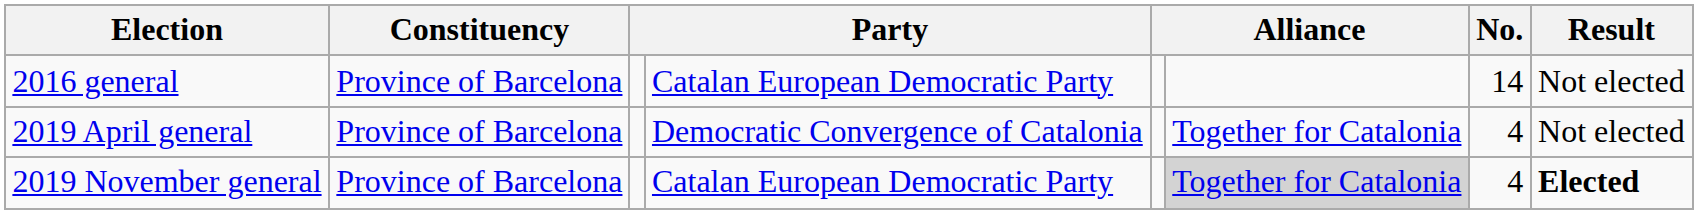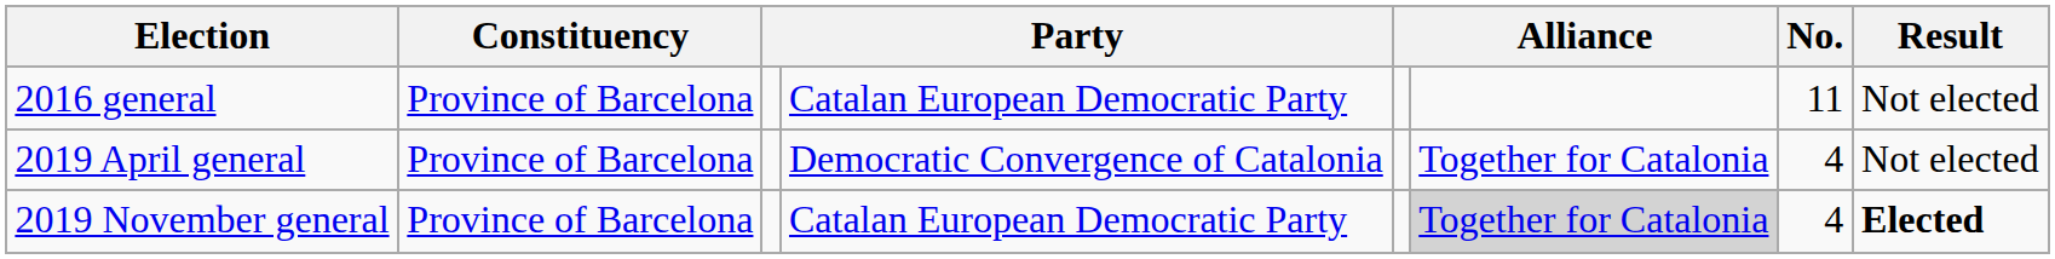 <table class="wikitable" style="text-align:left;">
 <tr>
 <th scope=col>Election</th>
 <th scope=col>Constituency</th>
 <th scope=col colspan="2">Party</th>
 <th scope=col colspan="2">Alliance</th>
 <th scope=col>No.</th>
 <th scope=col>Result</th>
 </tr>
 <tr>
 <td><a href='#'>2016 general</a></td>
 <td><a href='#'>Province of Barcelona</a></td>
 <td style="background:"></td>
 <td><a href='#'>Catalan European Democratic Party</a></td>
 <td></td>
 <td></td>
-<td align=right>14</td>
+<td align=right>11</td>
 <td>Not elected</td>
 </tr>
 <tr>
 <td><a href='#'>2019 April general</a></td>
 <td><a href='#'>Province of Barcelona</a></td>
 <td style="background:"></td>
 <td><a href='#'>Democratic Convergence of Catalonia</a></td>
 <td style="background:"></td>
 <td><a href='#'>Together for Catalonia</a></td>
 <td align=right>4</td>
 <td>Not elected</td>
 </tr>
 <tr>
 <td><a href='#'>2019 November general</a></td>
 <td><a href='#'>Province of Barcelona</a></td>
 <td style="background:"></td>
 <td><a href='#'>Catalan European Democratic Party</a></td>
 <td style="background:"></td>
 <td style="background: lightgrey;"><a href='#'>Together for Catalonia</a></td>
 <td align=right>4</td>
 <td><strong>Elected</strong></td>
 </tr>
 </table>
